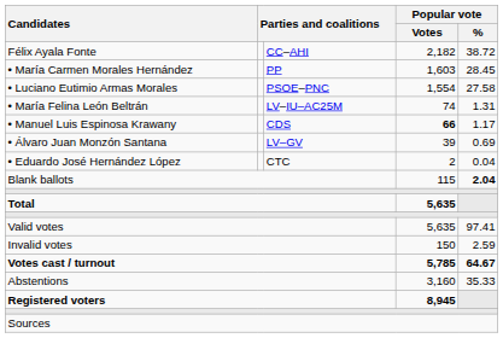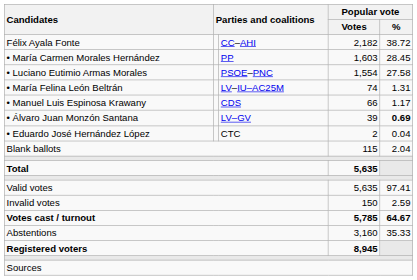 <table class="wikitable" style="text-align:right; font-size:95%;">
 <tr>
 <th style="text-align:left;" rowspan="2" width="325">Candidates</th>
 <th style="text-align:left;" rowspan="2" colspan="2" width="175">Parties and coalitions</th>
 <th colspan="2">Popular vote</th>
 </tr>
 <tr>
 <th width="75">Votes</th>
 <th width="45">%</th>
 </tr>
 <tr>
 <td align="left"> Félix Ayala Fonte</td>
 <td width="1" style="color:inherit;background:"></td>
 <td align="left"><a href='#'>CC</a>–<a href='#'>AHI</a></td>
 <td>2,182</td>
 <td>38.72</td>
 </tr>
 <tr>
 <td align="left">• María Carmen Morales Hernández</td>
 <td style="color:inherit;background:"></td>
 <td align="left"><a href='#'>PP</a></td>
 <td>1,603</td>
 <td>28.45</td>
 </tr>
 <tr>
 <td align="left">• Luciano Eutimio Armas Morales</td>
 <td style="color:inherit;background:"></td>
 <td align="left"><a href='#'>PSOE</a>–<a href='#'>PNC</a></td>
 <td>1,554</td>
 <td>27.58</td>
 </tr>
 <tr>
 <td align="left">• María Felina León Beltrán</td>
 <td style="color:inherit;background:"></td>
 <td align="left"><a href='#'>LV</a>–<a href='#'>IU–AC25M</a></td>
 <td>74</td>
 <td>1.31</td>
 </tr>
 <tr>
 <td align="left">• Manuel Luis Espinosa Krawany</td>
 <td style="color:inherit;background:"></td>
 <td align="left"><a href='#'>CDS</a></td>
-<td><strong>66</strong></td>
+<td>66</td>
 <td>1.17</td>
 </tr>
 <tr>
 <td align="left">• Álvaro Juan Monzón Santana</td>
 <td style="color:inherit;background:"></td>
 <td align="left"><a href='#'>LV–GV</a></td>
 <td>39</td>
-<td>0.69</td>
+<td><strong>0.69</strong></td>
 </tr>
 <tr>
 <td align="left">• Eduardo José Hernández López</td>
 <td style="color:inherit;background:"></td>
 <td align="left">CTC</td>
 <td>2</td>
 <td>0.04</td>
 </tr>
 <tr>
 <td align="left" colspan="3">Blank ballots</td>
 <td>115</td>
-<td><strong>2.04</strong></td>
+<td>2.04</td>
 </tr>
 <tr>
 <td colspan="5" bgcolor="#E9E9E9"></td>
 </tr>
 <tr style="font-weight:bold;">
 <td align="left" colspan="3">Total</td>
 <td>5,635</td>
 <td bgcolor="#E9E9E9"></td>
 </tr>
 <tr>
 <td colspan="5" bgcolor="#E9E9E9"></td>
 </tr>
 <tr>
 <td align="left" colspan="3">Valid votes</td>
 <td>5,635</td>
 <td>97.41</td>
 </tr>
 <tr>
 <td align="left" colspan="3">Invalid votes</td>
 <td>150</td>
 <td>2.59</td>
 </tr>
 <tr style="font-weight:bold;">
 <td align="left" colspan="3">Votes cast / turnout</td>
 <td>5,785</td>
 <td>64.67</td>
 </tr>
 <tr>
 <td align="left" colspan="3">Abstentions</td>
 <td>3,160</td>
 <td>35.33</td>
 </tr>
 <tr style="font-weight:bold;">
 <td align="left" colspan="3">Registered voters</td>
 <td>8,945</td>
 <td bgcolor="#E9E9E9"></td>
 </tr>
 <tr>
 <td colspan="5" bgcolor="#E9E9E9"></td>
 </tr>
 <tr>
 <td align="left" colspan="5">Sources</td>
 </tr>
 </table>
